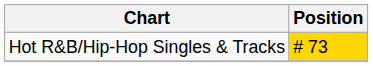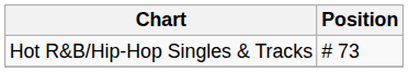 <table class="wikitable">
 <tr>
 <th align="left">Chart</th>
 <th align="left">Position</th>
 </tr>
 <tr>
 <td align="left">Hot R&B/Hip-Hop Singles & Tracks</td>
-<td align="left" style="background: gold;"># 73</td>
+<td align="left"># 73</td>
 </tr>
 <tr>
 </tr>
 </table>
